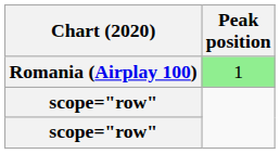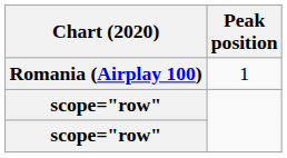 <table class="wikitable sortable plainrowheaders" style="text-align:center">
 <tr>
 <th>Chart (2020)</th>
 <th>Peak<br>position</th>
 </tr>
 <tr>
 <th scope="row">Romania (<a href='#'>Airplay 100</a>)</th>
-<td style="background: lightgreen;">1</td>
+<td>1</td>
 </tr>
 <tr>
 <th>scope="row"</th>
 </tr>
 <tr>
 <th>scope="row"</th>
 </tr>
 </table>
